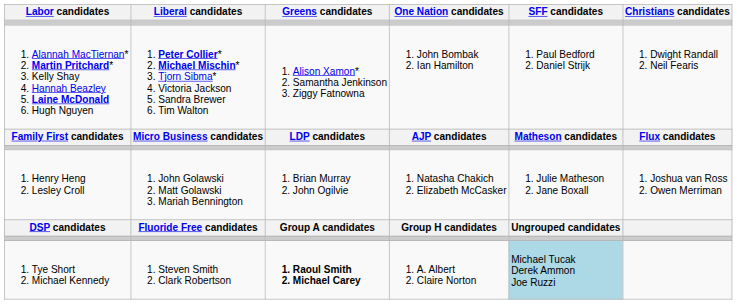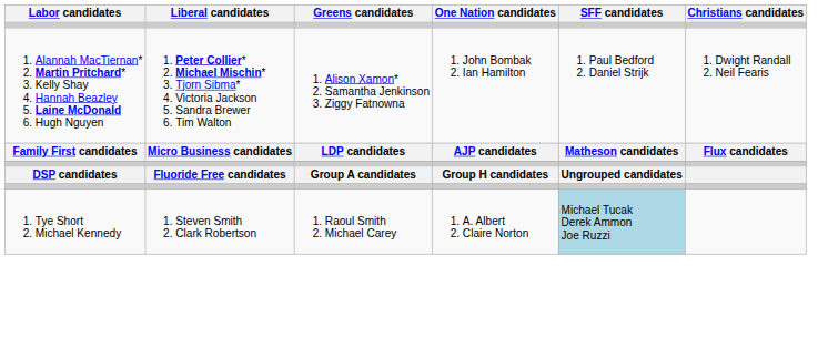 <table class="wikitable">
 <tr>
 <th><a href='#'>Labor</a> candidates</th>
 <th><a href='#'>Liberal</a> candidates</th>
 <th><a href='#'>Greens</a> candidates</th>
 <th><a href='#'>One Nation</a> candidates</th>
 <th><a href='#'>SFF</a> candidates</th>
 <th><a href='#'>Christians</a> candidates</th>
 </tr>
 <tr bgcolor="#cccccc">
 <td></td>
 <td></td>
 <td></td>
 <td></td>
 <td></td>
 <td></td>
 </tr>
 <tr>
 <td><br><ol><li><a href='#'>Alannah MacTiernan</a>*</li><li><strong><a href='#'>Martin Pritchard</a></strong>*</li><li>Kelly Shay</li><li><a href='#'>Hannah Beazley</a></li><li><strong><a href='#'>Laine McDonald</a></strong></li><li>Hugh Nguyen</li></ol></td>
 <td><br><ol><li><strong><a href='#'>Peter Collier</a></strong>*</li><li><strong><a href='#'>Michael Mischin</a></strong>*</li><li><a href='#'>Tjorn Sibma</a>*</li><li>Victoria Jackson</li><li>Sandra Brewer</li><li>Tim Walton</li></ol></td>
 <td><br><ol><li><a href='#'>Alison Xamon</a>*</li><li>Samantha Jenkinson</li><li>Ziggy Fatnowna</li></ol></td>
 <td valign="top"><br><ol><li>John Bombak</li><li>Ian Hamilton</li></ol></td>
 <td valign=top><br><ol><li>Paul Bedford</li><li>Daniel Strijk</li></ol></td>
 <td valign=top><br><ol><li>Dwight Randall</li><li>Neil Fearis</li></ol></td>
 </tr>
 <tr bgcolor="#cccccc">
 <th><a href='#'>Family First</a> candidates</th>
 <th><a href='#'>Micro Business</a> candidates</th>
 <th><a href='#'>LDP</a> candidates</th>
 <th><a href='#'>AJP</a> candidates</th>
 <th><a href='#'>Matheson</a> candidates</th>
 <th><a href='#'>Flux</a> candidates</th>
 </tr>
 <tr bgcolor="#cccccc">
 <td></td>
 <td></td>
 <td></td>
 <td></td>
 <td></td>
 <td></td>
 </tr>
-<tr>
-<td valign=top><br><ol><li>Henry Heng</li><li>Lesley Croll</li></ol></td>
-<td valign=top><br><ol><li>John Golawski</li><li>Matt Golawski</li><li>Mariah Bennington</li></ol></td>
-<td valign=top><br><ol><li>Brian Murray</li><li>John Ogilvie</li></ol></td>
-<td valign=top><br><ol><li>Natasha Chakich</li><li>Elizabeth McCasker</li></ol></td>
-<td valign=top><br><ol><li>Julie Matheson</li><li>Jane Boxall</li></ol></td>
-<td valign=top><br><ol><li>Joshua van Ross</li><li>Owen Merriman</li></ol></td>
-</tr>
 <tr bgcolor="#cccccc">
 <th><a href='#'>DSP</a> candidates</th>
 <th><a href='#'>Fluoride Free</a> candidates</th>
 <th>Group A candidates</th>
 <th>Group H candidates</th>
 <th>Ungrouped candidates</th>
 <th></th>
 </tr>
 <tr bgcolor="#cccccc">
 <td></td>
 <td></td>
 <td></td>
 <td></td>
 <td></td>
 <td></td>
 </tr>
 <tr>
 <td valign=top><br><ol><li>Tye Short</li><li>Michael Kennedy</li></ol></td>
 <td valign=top><br><ol><li>Steven Smith</li><li>Clark Robertson</li></ol></td>
-<td valign=top><strong><br><ol><li>Raoul Smith</li><li>Michael Carey</li></ol></strong></td>
+<td valign=top><br><ol><li>Raoul Smith</li><li>Michael Carey</li></ol></td>
 <td valign=top><br><ol><li>A. Albert</li><li>Claire Norton</li></ol></td>
 <td valign=top style="background: lightblue;"><br>Michael Tucak <br> Derek Ammon <br> Joe Ruzzi</td>
 </tr>
 </table>
